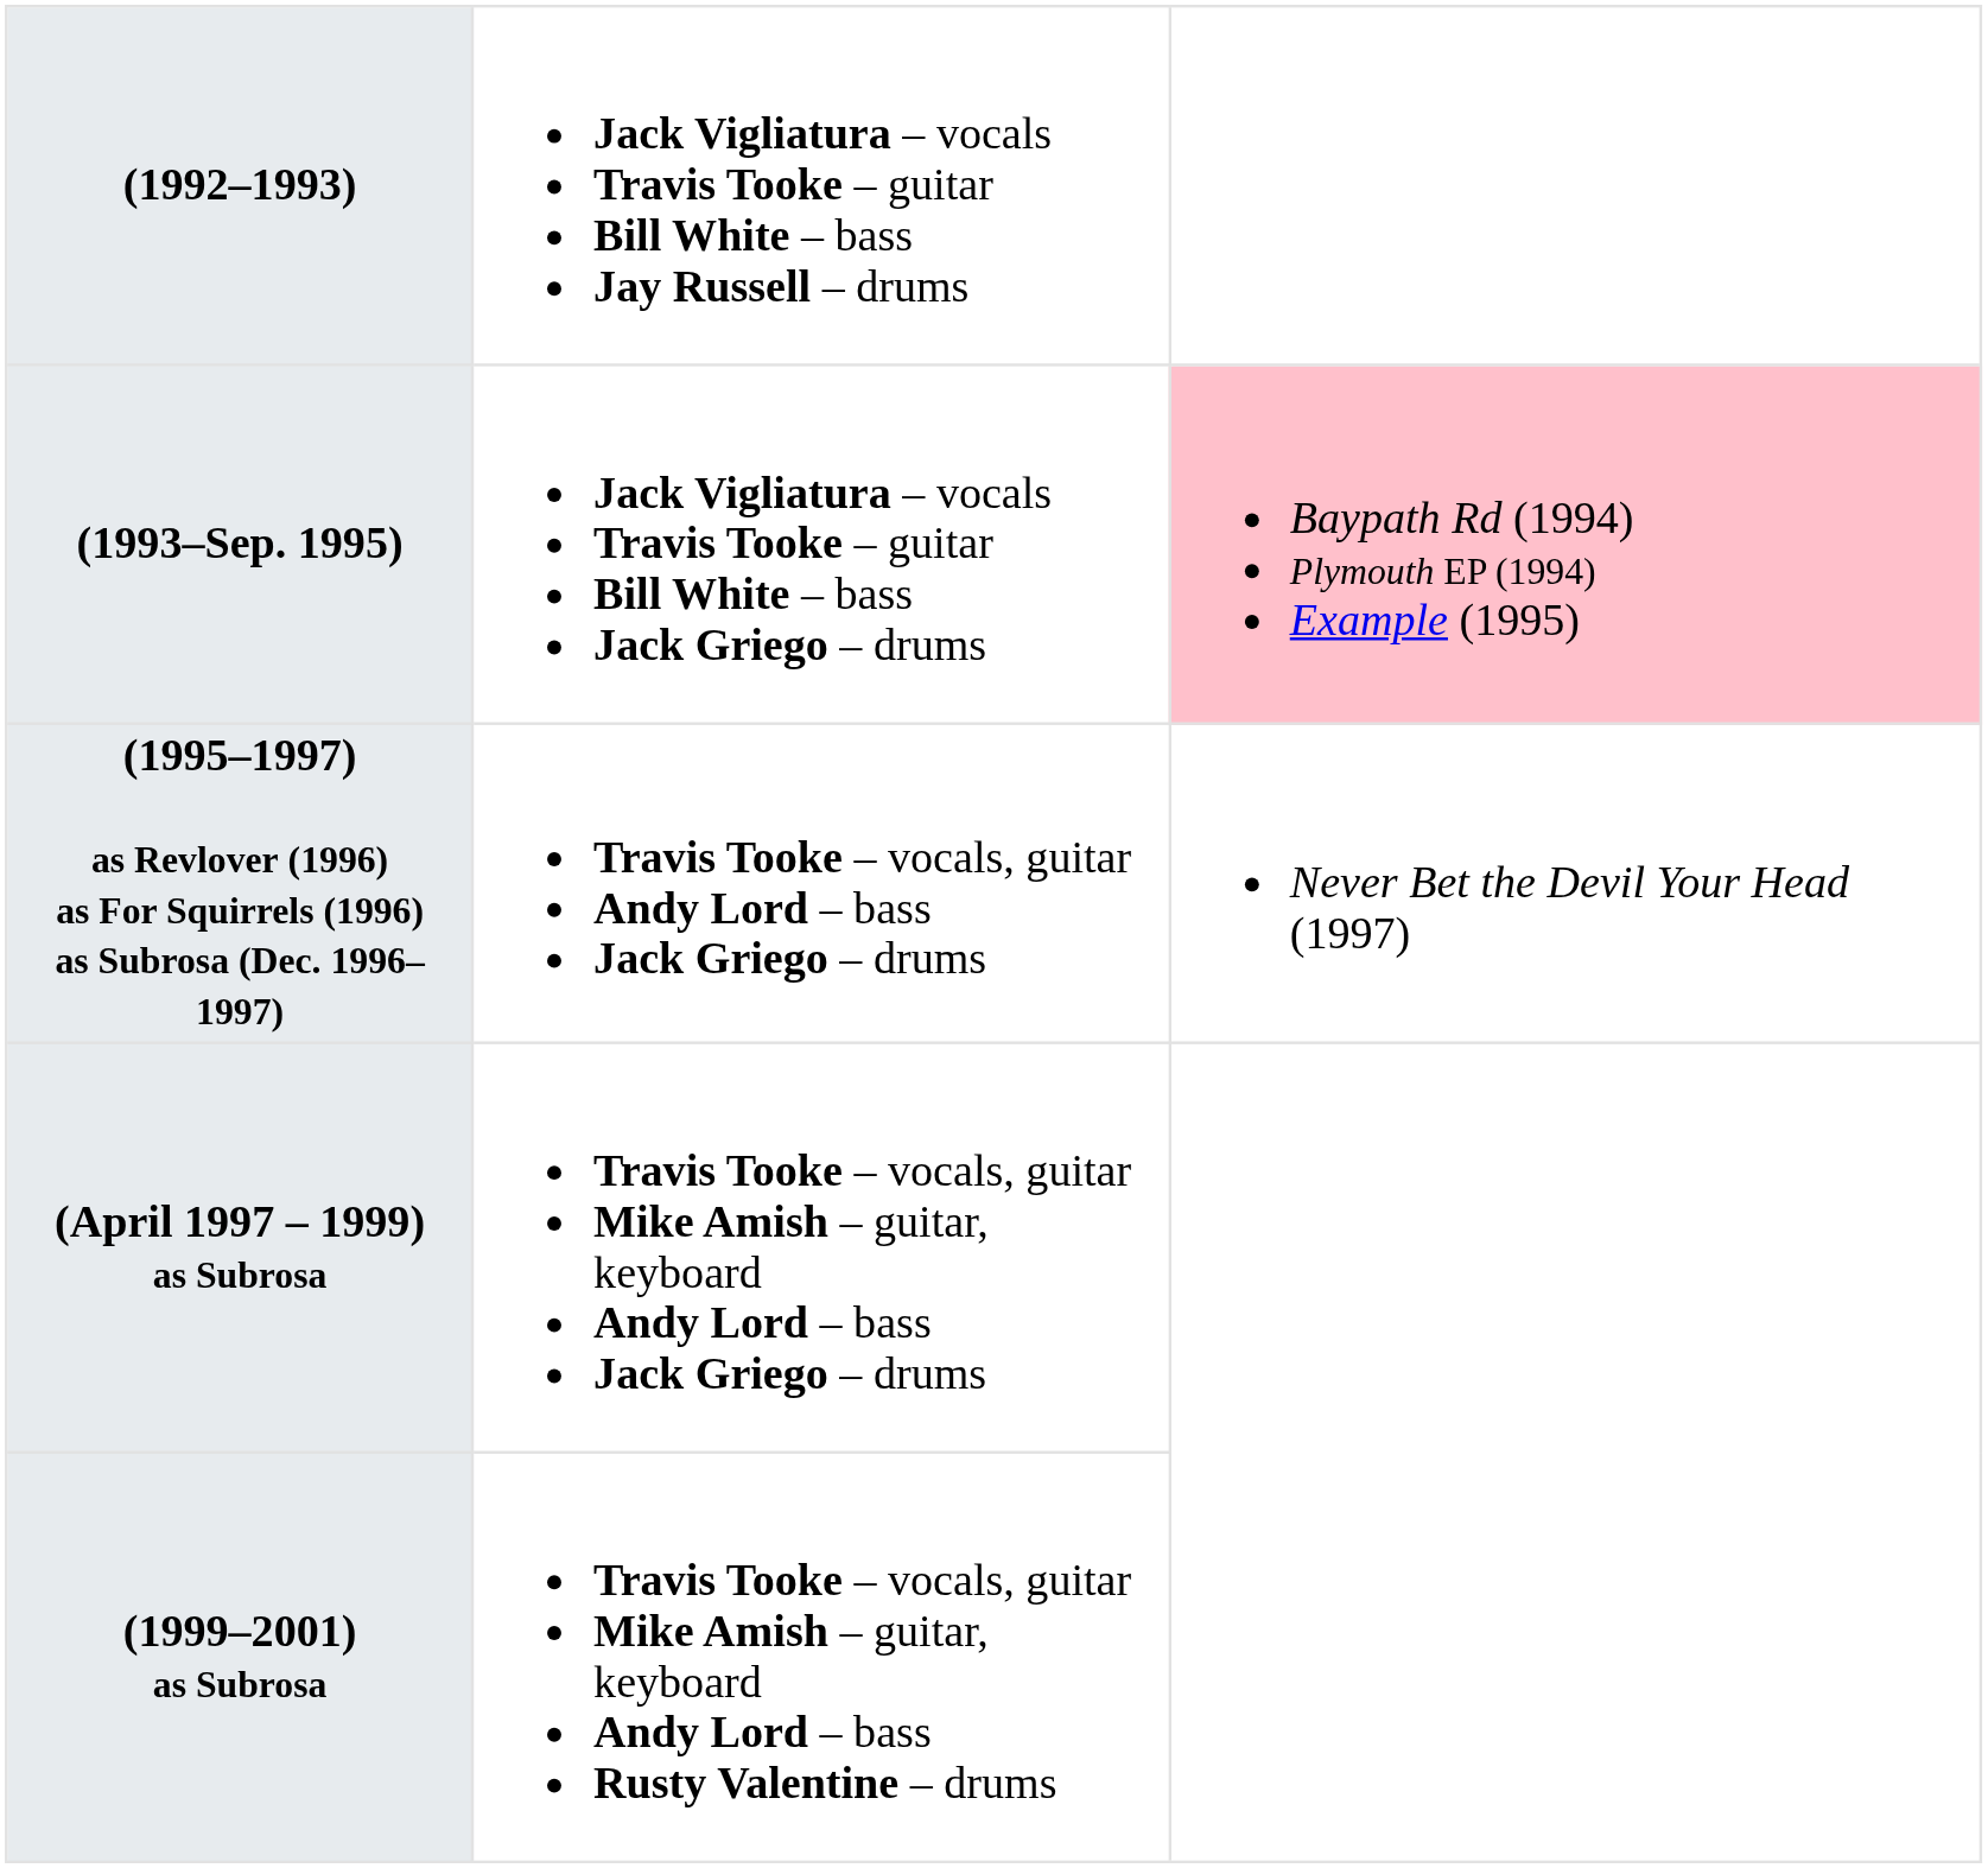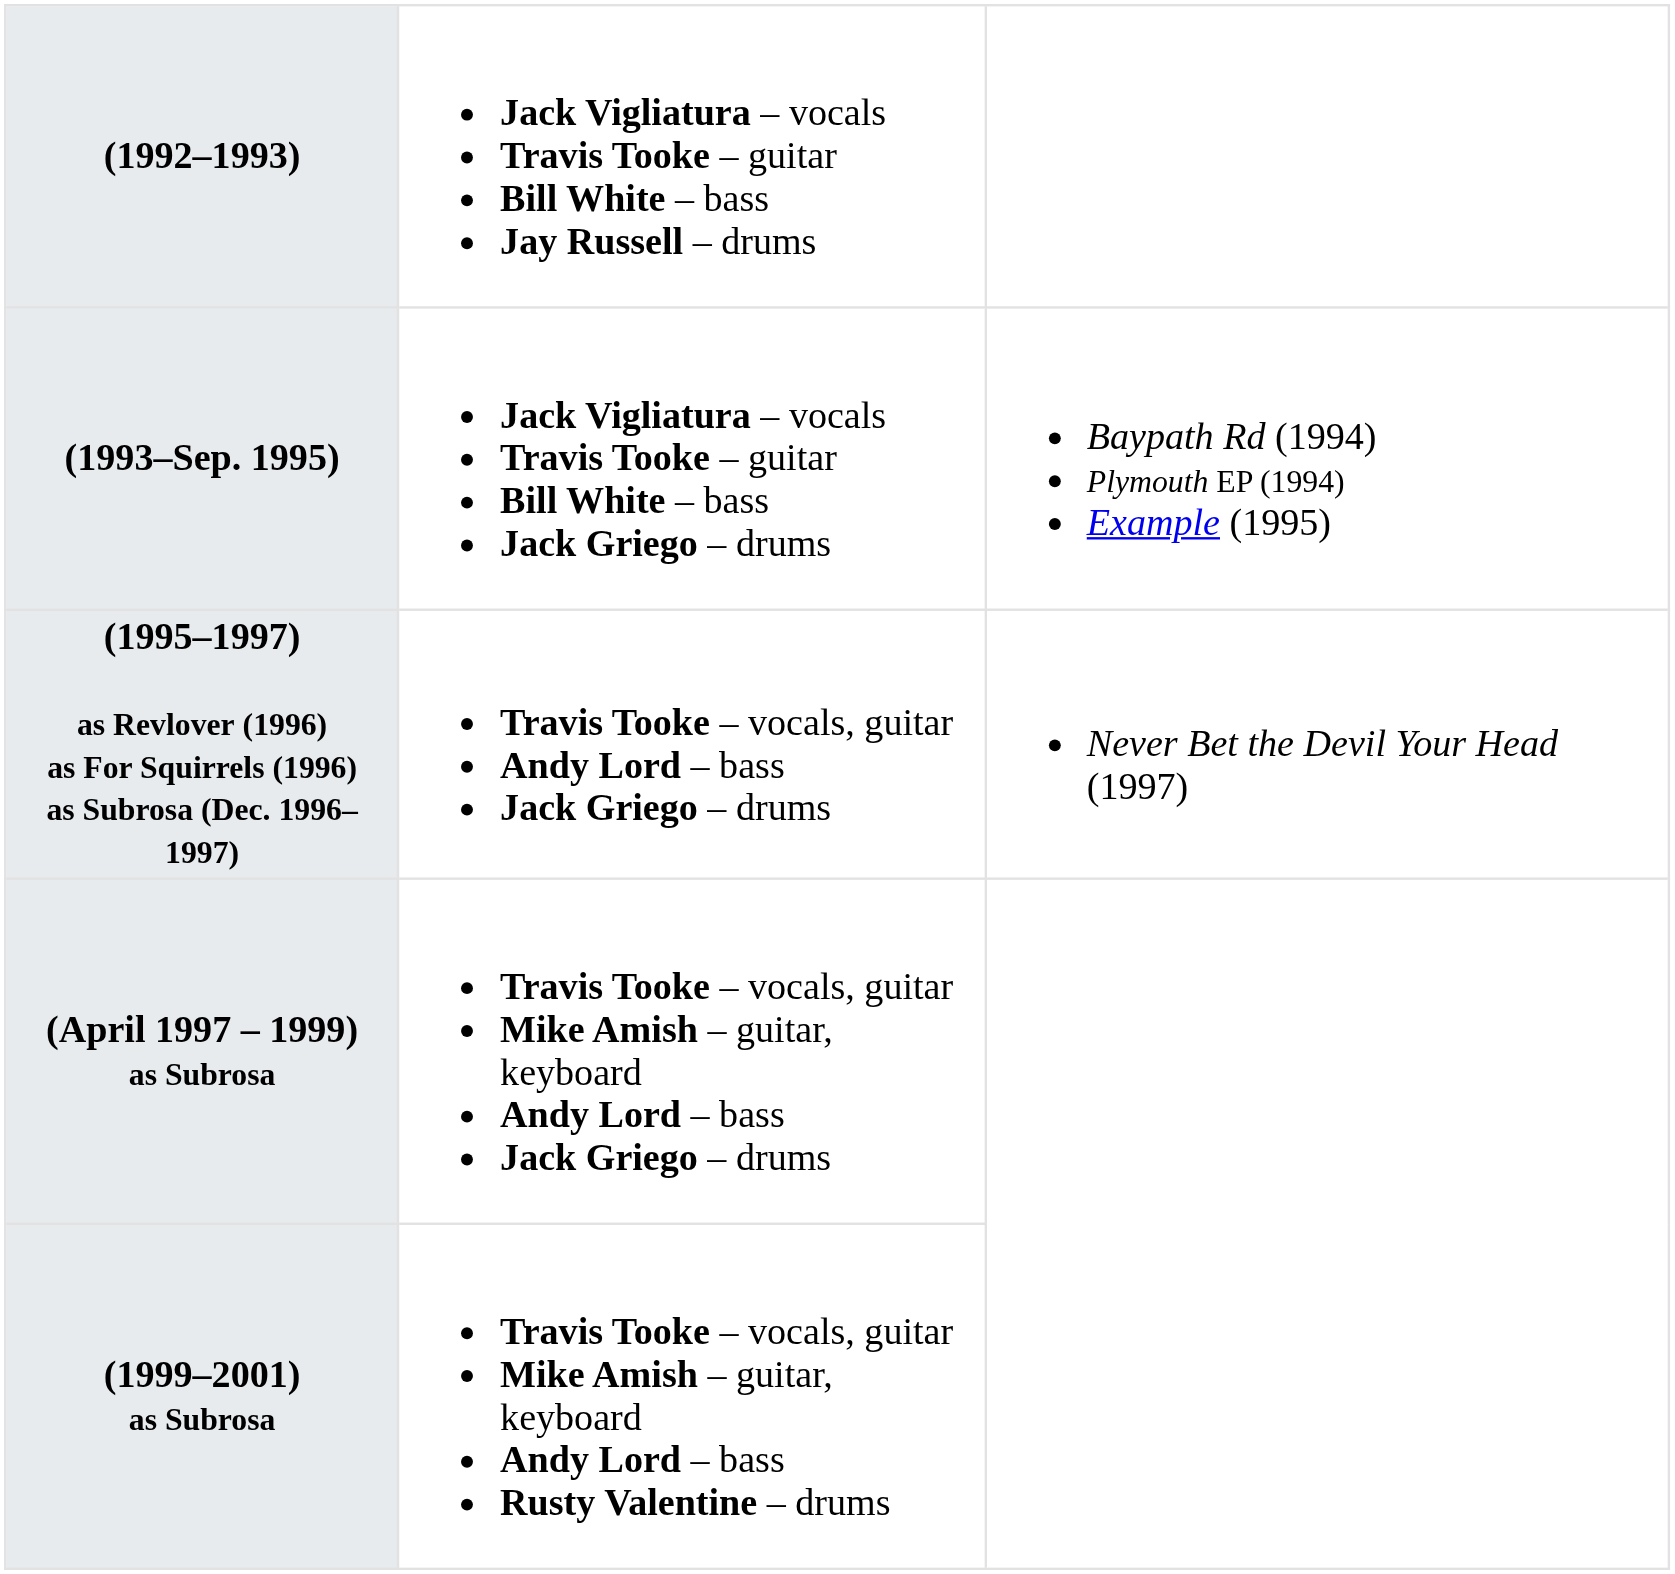 <table class="toccolours"  border=1 cellpadding=2 cellspacing=0 style="width: 700px; margin: 0 0 1em 1em; border-collapse: collapse; border: 1px solid #E2E2E2;">
 <tr>
 <th style="background:#e7ebee;">(1992–1993)</th>
 <td><br><ul><li><strong>Jack Vigliatura</strong> – vocals</li><li><strong>Travis Tooke</strong> – guitar</li><li><strong>Bill White</strong> – bass</li><li><strong>Jay Russell</strong> – drums</li></ul></td>
 </tr>
 <tr>
 <th style="background:#e7ebee;">(1993–Sep. 1995)</th>
 <td><br><ul><li><strong>Jack Vigliatura</strong> – vocals</li><li><strong>Travis Tooke</strong> – guitar</li><li><strong>Bill White</strong> – bass</li><li><strong>Jack Griego</strong> – drums</li></ul></td>
-<td style="background: pink;"><br><ul><li><em>Baypath Rd</em> (1994)</li><li><small><em>Plymouth</em> EP (1994)</small></li><li><em><a href='#'>Example</a></em> (1995)</li></ul></td>
+<td><br><ul><li><em>Baypath Rd</em> (1994)</li><li><small><em>Plymouth</em> EP (1994)</small></li><li><em><a href='#'>Example</a></em> (1995)</li></ul></td>
 </tr>
 <tr>
 <th style="background:#e7ebee;">(1995–1997)<br><br><small>as <strong>Revlover</strong> (1996)<br>as <strong>For Squirrels</strong> (1996)<br>as Subrosa (Dec. 1996–1997)<br></small></th>
 <td><br><ul><li><strong>Travis Tooke</strong> – vocals, guitar</li><li><strong>Andy Lord</strong> – bass</li><li><strong>Jack Griego</strong> – drums</li></ul></td>
 <td><br><ul><li><em>Never Bet the Devil Your Head</em> (1997)</li></ul></td>
 </tr>
 <tr>
 <th style="background:#e7ebee;">(April 1997 – 1999)<br><small>as Subrosa</small></th>
 <td><br><ul><li><strong>Travis Tooke</strong> – vocals, guitar</li><li><strong>Mike Amish</strong> – guitar, keyboard</li><li><strong>Andy Lord</strong> – bass</li><li><strong>Jack Griego</strong> – drums</li></ul></td>
 </tr>
 <tr>
 <th style="background:#e7ebee;">(1999–2001)<br><small>as Subrosa</small></th>
 <td><br><ul><li><strong>Travis Tooke</strong> – vocals, guitar</li><li><strong>Mike Amish</strong> – guitar, keyboard</li><li><strong>Andy Lord</strong> – bass</li><li><strong>Rusty Valentine</strong> – drums</li></ul></td>
 </tr>
 </table>
